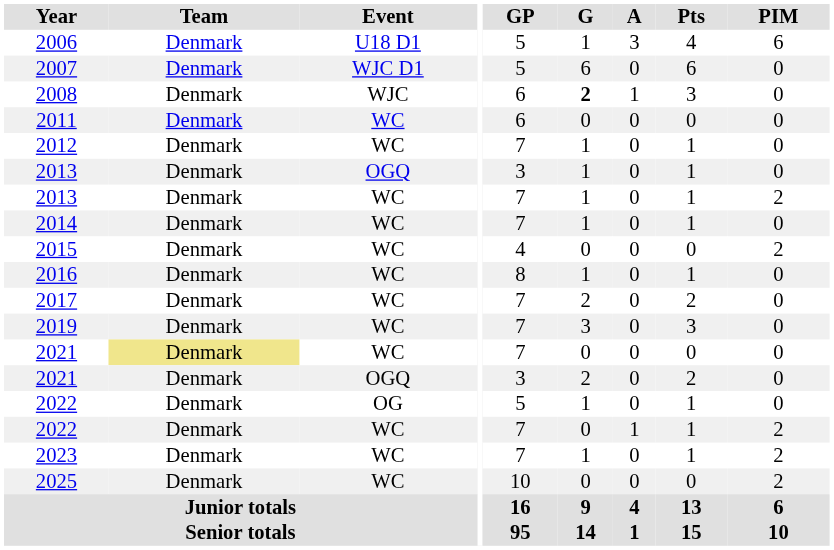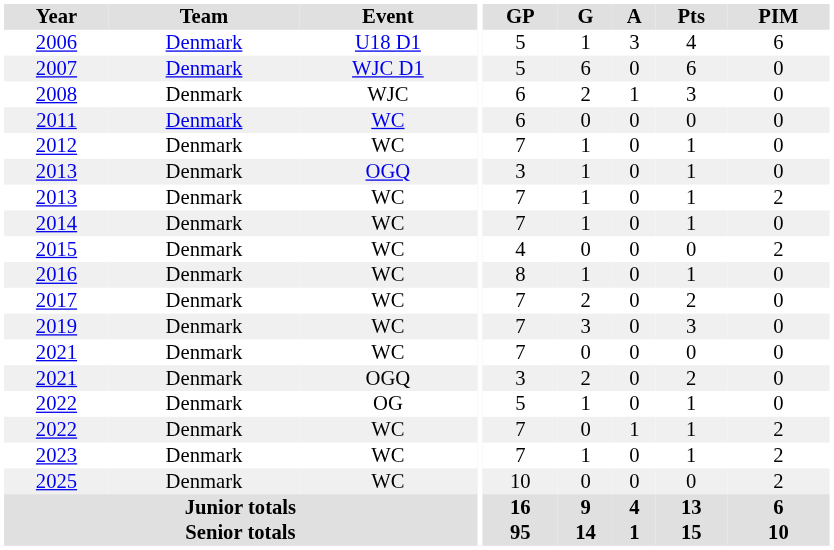 <table border="0" cellpadding="1" cellspacing="0" ID="Table3" style="text-align:center; width:40em">
 <tr ALIGN="center" bgcolor="#e0e0e0">
 <th>Year</th>
 <th>Team</th>
 <th>Event</th>
 <th rowspan="99" bgcolor="#ffffff"></th>
 <th>GP</th>
 <th>G</th>
 <th>A</th>
 <th>Pts</th>
 <th>PIM</th>
 </tr>
 <tr>
 <td><a href='#'>2006</a></td>
 <td><a href='#'>Denmark</a></td>
 <td><a href='#'>U18 D1</a></td>
 <td>5</td>
 <td>1</td>
 <td>3</td>
 <td>4</td>
 <td>6</td>
 </tr>
 <tr bgcolor="#f0f0f0">
 <td><a href='#'>2007</a></td>
 <td><a href='#'>Denmark</a></td>
 <td><a href='#'>WJC D1</a></td>
 <td>5</td>
 <td>6</td>
 <td>0</td>
 <td>6</td>
 <td>0</td>
 </tr>
 <tr>
 <td><a href='#'>2008</a></td>
 <td>Denmark</td>
 <td>WJC</td>
 <td>6</td>
-<td><strong>2</strong></td>
+<td>2</td>
 <td>1</td>
 <td>3</td>
 <td>0</td>
 </tr>
 <tr bgcolor="#f0f0f0">
 <td><a href='#'>2011</a></td>
 <td><a href='#'>Denmark</a></td>
 <td><a href='#'>WC</a></td>
 <td>6</td>
 <td>0</td>
 <td>0</td>
 <td>0</td>
 <td>0</td>
 </tr>
 <tr>
 <td><a href='#'>2012</a></td>
 <td>Denmark</td>
 <td>WC</td>
 <td>7</td>
 <td>1</td>
 <td>0</td>
 <td>1</td>
 <td>0</td>
 </tr>
 <tr bgcolor="#f0f0f0">
 <td><a href='#'>2013</a></td>
 <td>Denmark</td>
 <td><a href='#'>OGQ</a></td>
 <td>3</td>
 <td>1</td>
 <td>0</td>
 <td>1</td>
 <td>0</td>
 </tr>
 <tr>
 <td><a href='#'>2013</a></td>
 <td>Denmark</td>
 <td>WC</td>
 <td>7</td>
 <td>1</td>
 <td>0</td>
 <td>1</td>
 <td>2</td>
 </tr>
 <tr bgcolor="#f0f0f0">
 <td><a href='#'>2014</a></td>
 <td>Denmark</td>
 <td>WC</td>
 <td>7</td>
 <td>1</td>
 <td>0</td>
 <td>1</td>
 <td>0</td>
 </tr>
 <tr>
 <td><a href='#'>2015</a></td>
 <td>Denmark</td>
 <td>WC</td>
 <td>4</td>
 <td>0</td>
 <td>0</td>
 <td>0</td>
 <td>2</td>
 </tr>
 <tr bgcolor="#f0f0f0">
 <td><a href='#'>2016</a></td>
 <td>Denmark</td>
 <td>WC</td>
 <td>8</td>
 <td>1</td>
 <td>0</td>
 <td>1</td>
 <td>0</td>
 </tr>
 <tr>
 <td><a href='#'>2017</a></td>
 <td>Denmark</td>
 <td>WC</td>
 <td>7</td>
 <td>2</td>
 <td>0</td>
 <td>2</td>
 <td>0</td>
 </tr>
 <tr bgcolor="#f0f0f0">
 <td><a href='#'>2019</a></td>
 <td>Denmark</td>
 <td>WC</td>
 <td>7</td>
 <td>3</td>
 <td>0</td>
 <td>3</td>
 <td>0</td>
 </tr>
 <tr>
 <td><a href='#'>2021</a></td>
-<td style="background: khaki;">Denmark</td>
+<td>Denmark</td>
 <td>WC</td>
 <td>7</td>
 <td>0</td>
 <td>0</td>
 <td>0</td>
 <td>0</td>
 </tr>
 <tr bgcolor="#f0f0f0">
 <td><a href='#'>2021</a></td>
 <td>Denmark</td>
 <td>OGQ</td>
 <td>3</td>
 <td>2</td>
 <td>0</td>
 <td>2</td>
 <td>0</td>
 </tr>
 <tr>
 <td><a href='#'>2022</a></td>
 <td>Denmark</td>
 <td>OG</td>
 <td>5</td>
 <td>1</td>
 <td>0</td>
 <td>1</td>
 <td>0</td>
 </tr>
 <tr bgcolor="#f0f0f0">
 <td><a href='#'>2022</a></td>
 <td>Denmark</td>
 <td>WC</td>
 <td>7</td>
 <td>0</td>
 <td>1</td>
 <td>1</td>
 <td>2</td>
 </tr>
 <tr>
 <td><a href='#'>2023</a></td>
 <td>Denmark</td>
 <td>WC</td>
 <td>7</td>
 <td>1</td>
 <td>0</td>
 <td>1</td>
 <td>2</td>
 </tr>
 <tr bgcolor="#f0f0f0">
 <td><a href='#'>2025</a></td>
 <td>Denmark</td>
 <td>WC</td>
 <td>10</td>
 <td>0</td>
 <td>0</td>
 <td>0</td>
 <td>2</td>
 </tr>
 <tr bgcolor="#e0e0e0">
 <th colspan="3">Junior totals</th>
 <th>16</th>
 <th>9</th>
 <th>4</th>
 <th>13</th>
 <th>6</th>
 </tr>
 <tr bgcolor="#e0e0e0">
 <th colspan="3">Senior totals</th>
 <th>95</th>
 <th>14</th>
 <th>1</th>
 <th>15</th>
 <th>10</th>
 </tr>
 </table>
